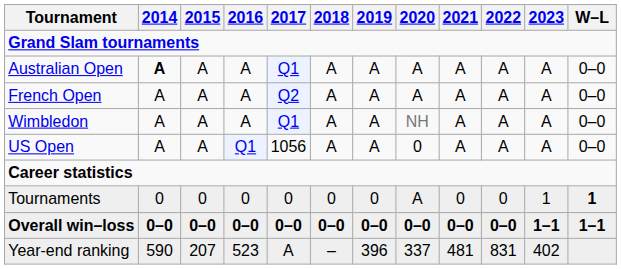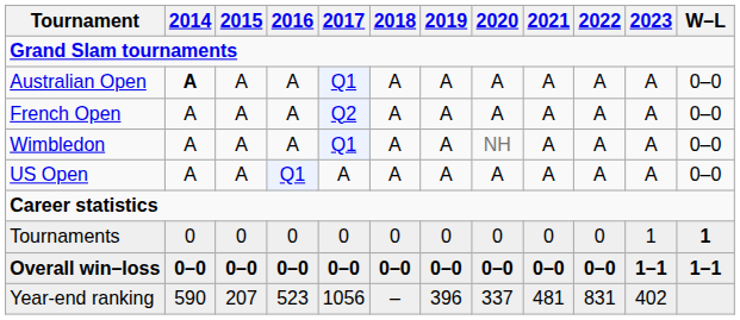 <table class=wikitable style=text-align:center;font-size:97%>
 <tr>
 <th>Tournament</th>
 <th><a href='#'>2014</a></th>
 <th><a href='#'>2015</a></th>
 <th><a href='#'>2016</a></th>
 <th><a href='#'>2017</a></th>
 <th><a href='#'>2018</a></th>
 <th><a href='#'>2019</a></th>
 <th><a href='#'>2020</a></th>
 <th><a href='#'>2021</a></th>
 <th><a href='#'>2022</a></th>
 <th><a href='#'>2023</a></th>
 <th width=40>W–L</th>
 </tr>
 <tr>
 <td colspan="12" align="left"><strong><a href='#'>Grand Slam tournaments</a></strong></td>
 </tr>
 <tr>
 <td align=left><a href='#'>Australian Open</a></td>
 <td><strong>A</strong></td>
 <td>A</td>
 <td>A</td>
 <td bgcolor=ecf2ff><a href='#'>Q1</a></td>
 <td>A</td>
 <td>A</td>
 <td>A</td>
 <td>A</td>
 <td>A</td>
 <td>A</td>
 <td>0–0</td>
 </tr>
 <tr>
 <td align=left><a href='#'>French Open</a></td>
 <td>A</td>
 <td>A</td>
 <td>A</td>
 <td bgcolor=ecf2ff><a href='#'>Q2</a></td>
 <td>A</td>
 <td>A</td>
 <td>A</td>
 <td>A</td>
 <td>A</td>
 <td>A</td>
 <td>0–0</td>
 </tr>
 <tr>
 <td align=left><a href='#'>Wimbledon</a></td>
 <td>A</td>
 <td>A</td>
 <td>A</td>
 <td bgcolor=ecf2ff><a href='#'>Q1</a></td>
 <td>A</td>
 <td>A</td>
 <td style=color:#767676>NH</td>
 <td>A</td>
 <td>A</td>
 <td>A</td>
 <td>0–0</td>
 </tr>
 <tr>
 <td align=left><a href='#'>US Open</a></td>
 <td>A</td>
 <td>A</td>
 <td bgcolor=ecf2ff><a href='#'>Q1</a></td>
-<td>1056</td>
 <td>A</td>
 <td>A</td>
-<td>0</td>
+<td>A</td>
+<td>A</td>
 <td>A</td>
 <td>A</td>
 <td>A</td>
 <td>0–0</td>
 </tr>
 <tr>
 <td colspan="12" align="left"><strong>Career statistics</strong></td>
 </tr>
 <tr bgcolor=efefef>
 <td align=left>Tournaments</td>
 <td>0</td>
 <td>0</td>
 <td>0</td>
 <td>0</td>
 <td>0</td>
 <td>0</td>
-<td>A</td>
+<td>0</td>
 <td>0</td>
 <td>0</td>
 <td>1</td>
 <td><strong>1</strong></td>
 </tr>
 <tr style=font-weight:bold;background:#efefef>
 <td style=text-align:left>Overall win–loss</td>
 <td>0–0</td>
 <td>0–0</td>
 <td>0–0</td>
 <td>0–0</td>
 <td>0–0</td>
 <td>0–0</td>
 <td>0–0</td>
 <td>0–0</td>
 <td>0–0</td>
 <td>1–1</td>
 <td>1–1</td>
 </tr>
 <tr bgcolor=efefef>
 <td align=left>Year-end ranking</td>
 <td>590</td>
 <td>207</td>
 <td>523</td>
-<td>A</td>
+<td>1056</td>
 <td>–</td>
 <td>396</td>
 <td>337</td>
 <td>481</td>
 <td>831</td>
 <td>402</td>
 <td></td>
 </tr>
 </table>
